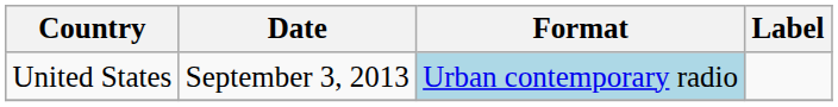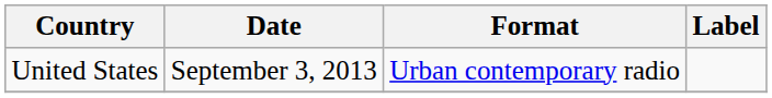 <table class="wikitable">
 <tr>
 <th>Country</th>
 <th>Date</th>
 <th>Format</th>
 <th>Label</th>
 </tr>
 <tr>
 <td rowspan="1">United States</td>
 <td>September 3, 2013</td>
-<td style="background: lightblue;"><a href='#'>Urban contemporary</a> radio</td>
+<td><a href='#'>Urban contemporary</a> radio</td>
 <td rowspan="1"></td>
 </tr>
 <tr>
 </tr>
 </table>
